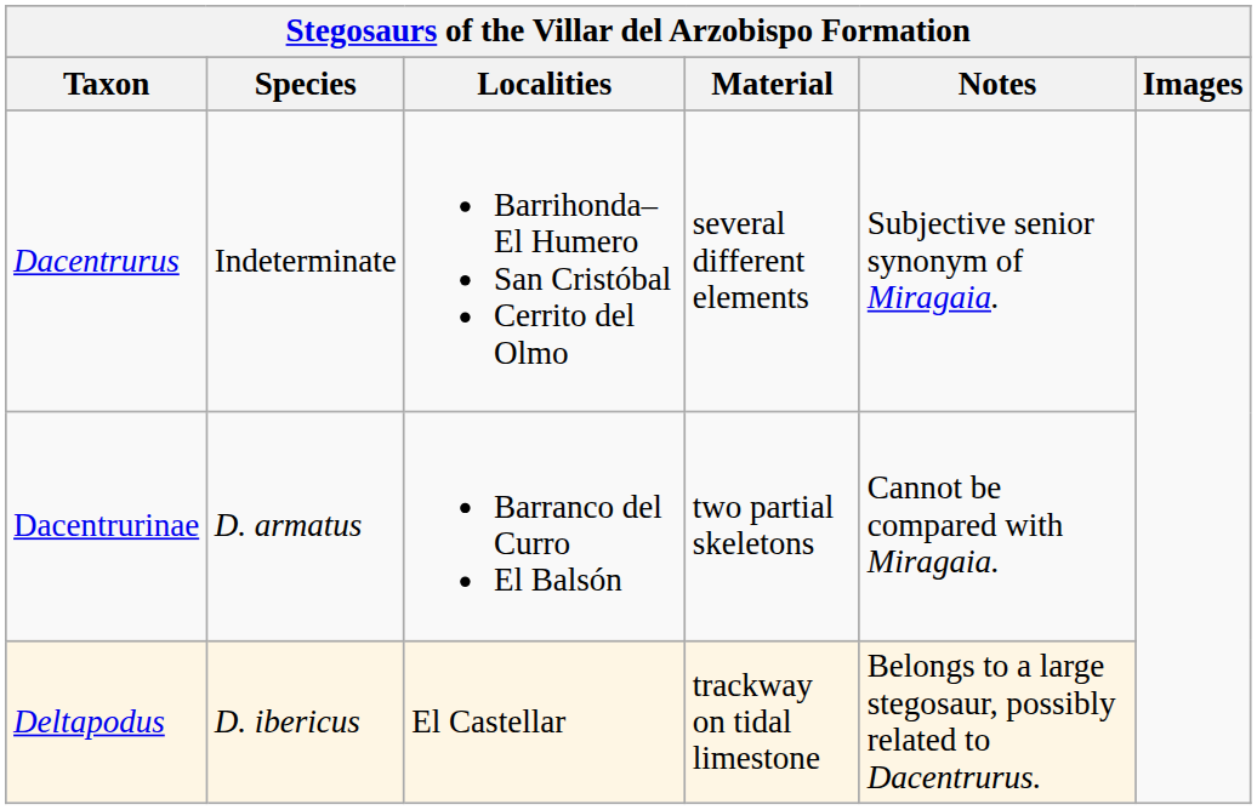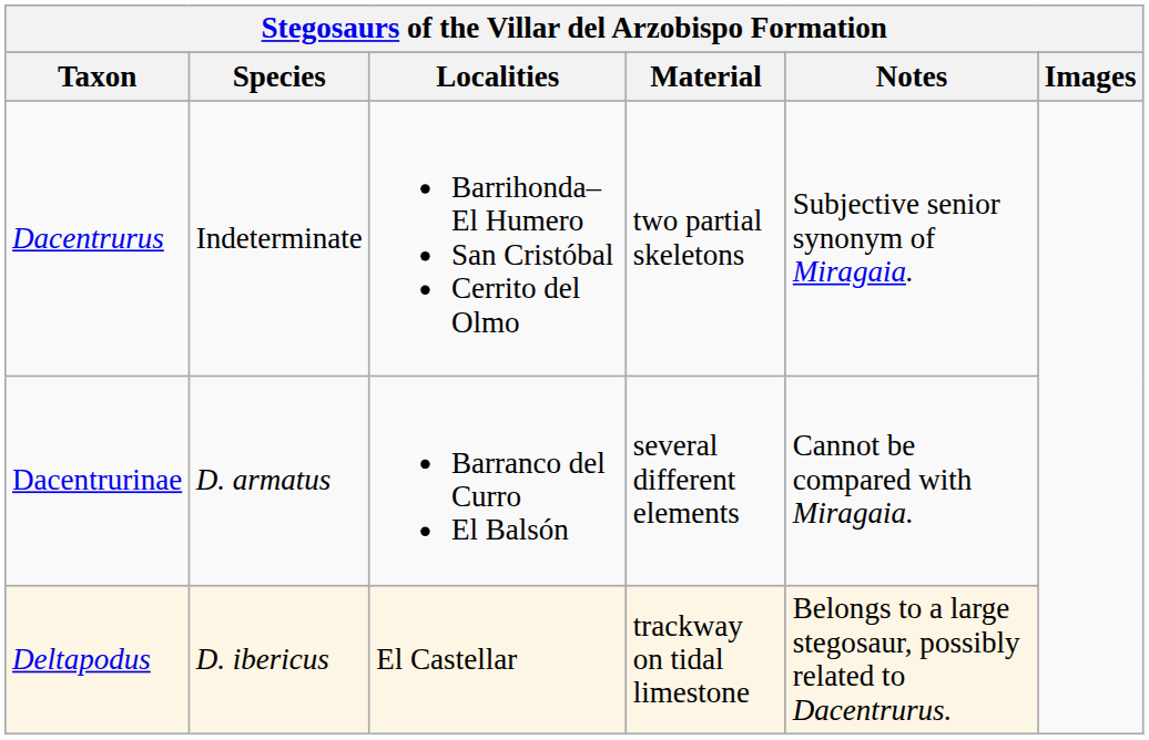 <table class="wikitable">
 <tr>
 <th colspan="6"><a href='#'>Stegosaurs</a> of the Villar del Arzobispo Formation</th>
 </tr>
 <tr>
 <th>Taxon</th>
 <th>Species</th>
 <th>Localities</th>
 <th>Material</th>
 <th>Notes</th>
 <th>Images</th>
 </tr>
 <tr>
 <td><em><a href='#'>Dacentrurus</a></em></td>
 <td>Indeterminate</td>
 <td><br><ul><li>Barrihonda–El Humero</li><li>San Cristóbal</li><li>Cerrito del Olmo</li></ul></td>
-<td>several different elements</td>
+<td>two partial skeletons</td>
 <td>Subjective senior synonym of <em><a href='#'>Miragaia</a>.</em></td>
 <td rowspan = 100></td>
 </tr>
 <tr>
 <td><a href='#'>Dacentrurinae</a></td>
 <td><em>D. armatus</em></td>
 <td><br><ul><li>Barranco del Curro</li><li>El Balsón</li></ul></td>
-<td>two partial skeletons</td>
+<td>several different elements</td>
 <td>Cannot be compared with <em>Miragaia.</em></td>
 </tr>
 <tr>
 <td style="background:#FEF6E4;"><em><a href='#'>Deltapodus</a></em></td>
 <td style="background:#FEF6E4;"><em>D. ibericus</em></td>
 <td style="background:#FEF6E4;">El Castellar</td>
 <td style="background:#FEF6E4;">trackway on tidal limestone</td>
 <td style="background:#FEF6E4;">Belongs to a large stegosaur, possibly related to <em>Dacentrurus.</em></td>
 </tr>
 </table>
